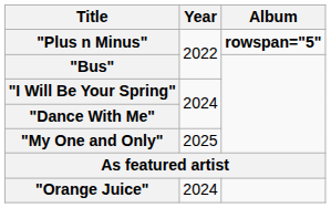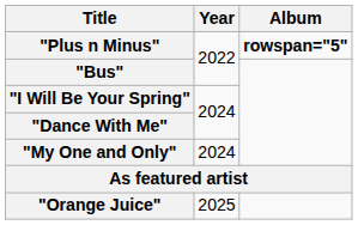 <table class="wikitable plainrowheaders" style="text-align:center">
 <tr>
 <th scope="col">Title</th>
 <th scope="col">Year</th>
 <th scope="col">Album</th>
 </tr>
 <tr>
 <th scope="row">"Plus n Minus"</th>
 <td rowspan="2">2022</td>
 <td><strong>rowspan="5" </strong></td>
 </tr>
 <tr>
 <th scope="row">"Bus"</th>
 </tr>
 <tr>
 <th scope="row">"I Will Be Your Spring"</th>
 <td rowspan="2">2024</td>
 </tr>
 <tr>
 <th scope="row">"Dance With Me"</th>
 </tr>
 <tr>
 <th scope="row">"My One and Only"</th>
-<td>2025</td>
+<td>2024</td>
 </tr>
 <tr>
 <th scope="col" colspan="6">As featured artist</th>
 </tr>
 <tr>
 <th scope="row">"Orange Juice"<br></th>
-<td>2024</td>
+<td>2025</td>
 <td></td>
 </tr>
 </table>
